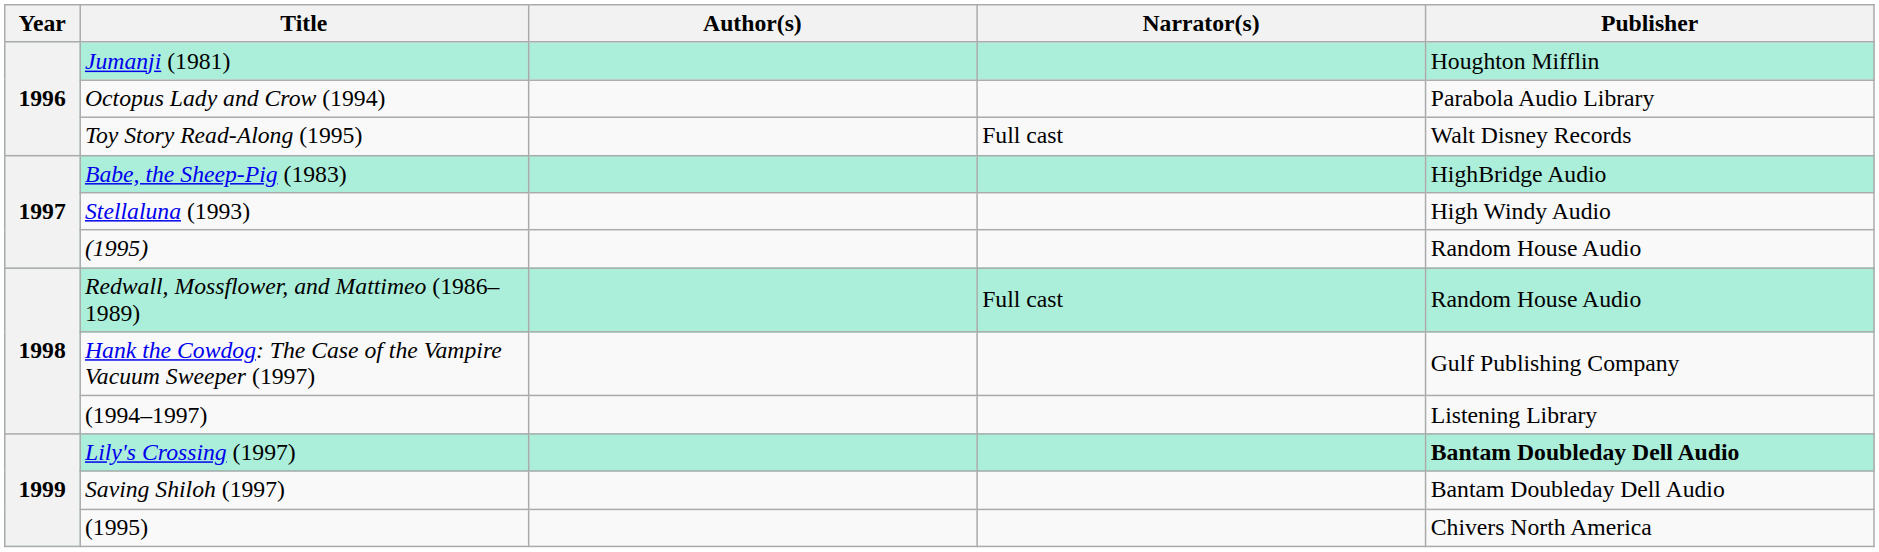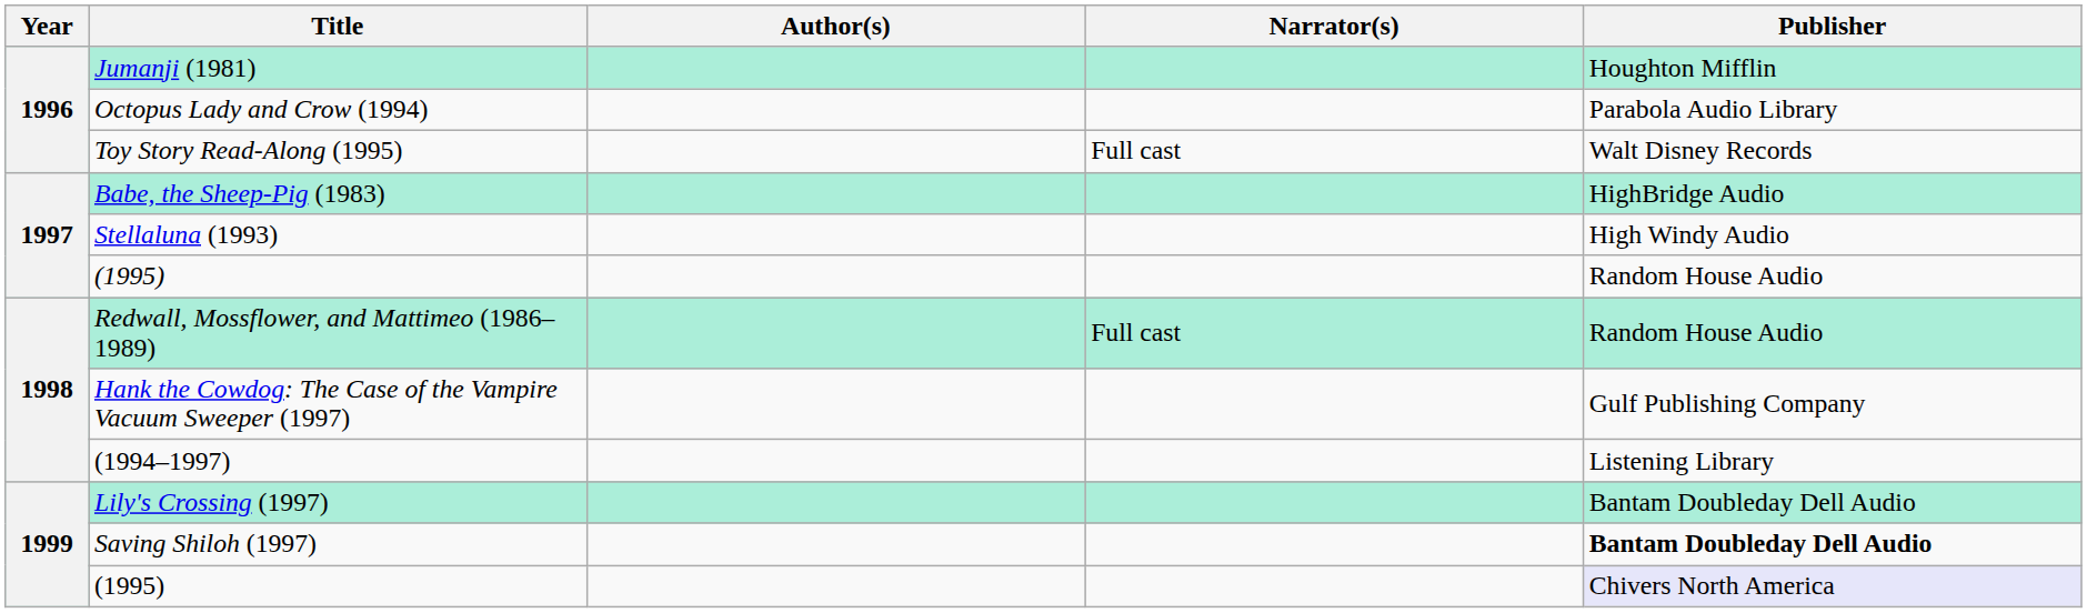 <table class="wikitable sortable mw-collapsible" style="width:100%">
 <tr>
 <th scope="col" width="4%">Year</th>
 <th scope="col" width="24%">Title</th>
 <th scope="col" width="24%">Author(s)</th>
 <th scope="col" width="24%">Narrator(s)</th>
 <th scope="col" width="24%">Publisher</th>
 </tr>
 <tr style="background:#ABEED9">
 <th rowspan="3">1996<br></th>
 <td><em><a href='#'>Jumanji</a></em> (1981)</td>
 <td></td>
 <td></td>
 <td>Houghton Mifflin</td>
 </tr>
 <tr>
 <td><em>Octopus Lady and Crow</em> (1994)</td>
 <td></td>
 <td></td>
 <td>Parabola Audio Library</td>
 </tr>
 <tr>
 <td><em>Toy Story Read-Along</em> (1995)</td>
 <td></td>
 <td>Full cast</td>
 <td>Walt Disney Records</td>
 </tr>
 <tr style="background:#ABEED9">
 <th rowspan="3">1997<br></th>
 <td><em><a href='#'>Babe, the Sheep-Pig</a></em> (1983)</td>
 <td></td>
 <td></td>
 <td>HighBridge Audio</td>
 </tr>
 <tr>
 <td><em><a href='#'>Stellaluna</a></em> (1993)</td>
 <td></td>
 <td></td>
 <td>High Windy Audio</td>
 </tr>
 <tr>
 <td><em> (1995)</em></td>
 <td></td>
 <td></td>
 <td>Random House Audio</td>
 </tr>
 <tr style="background:#ABEED9">
 <th rowspan="3">1998<br></th>
 <td><em>Redwall, Mossflower, and Mattimeo</em> (1986–1989)</td>
 <td></td>
 <td>Full cast</td>
 <td>Random House Audio</td>
 </tr>
 <tr>
 <td><em><a href='#'>Hank the Cowdog</a>: The Case of the Vampire Vacuum Sweeper</em> (1997)</td>
 <td></td>
 <td></td>
 <td>Gulf Publishing Company</td>
 </tr>
 <tr>
 <td><em></em> (1994–1997)</td>
 <td></td>
 <td></td>
 <td>Listening Library</td>
 </tr>
 <tr style="background:#ABEED9">
 <th rowspan="3">1999<br></th>
 <td><em><a href='#'>Lily's Crossing</a></em> (1997)</td>
 <td></td>
 <td></td>
-<td><strong>Bantam Doubleday Dell Audio</strong></td>
+<td>Bantam Doubleday Dell Audio</td>
 </tr>
 <tr>
 <td><em>Saving Shiloh</em> (1997)</td>
 <td></td>
 <td></td>
-<td>Bantam Doubleday Dell Audio</td>
+<td><strong>Bantam Doubleday Dell Audio</strong></td>
 </tr>
 <tr>
 <td><em></em> (1995)</td>
 <td></td>
 <td></td>
-<td>Chivers North America</td>
+<td style="background: lavender;">Chivers North America</td>
 </tr>
 </table>
